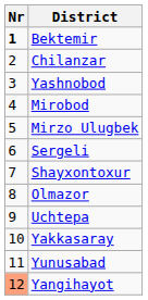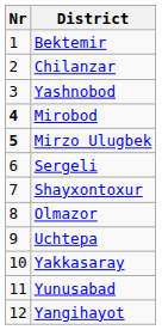 <table class="wikitable sortable">
 <tr>
 <th>Nr</th>
 <th>District</th>
 </tr>
 <tr>
-<td><strong>1</strong></td>
+<td>1</td>
 <td><a href='#'>Bektemir</a></td>
 </tr>
 <tr>
 <td>2</td>
 <td><a href='#'>Chilanzar</a></td>
 </tr>
 <tr>
 <td>3</td>
 <td><a href='#'>Yashnobod</a></td>
 </tr>
 <tr>
-<td>4</td>
+<td><strong>4</strong></td>
 <td><a href='#'>Mirobod</a></td>
 </tr>
 <tr>
-<td>5</td>
+<td><strong>5</strong></td>
 <td><a href='#'>Mirzo Ulugbek</a></td>
 </tr>
 <tr>
 <td>6</td>
 <td><a href='#'>Sergeli</a></td>
 </tr>
 <tr>
 <td>7</td>
 <td><a href='#'>Shayxontoxur</a></td>
 </tr>
 <tr>
 <td>8</td>
 <td><a href='#'>Olmazor</a></td>
 </tr>
 <tr>
 <td>9</td>
 <td><a href='#'>Uchtepa</a></td>
 </tr>
 <tr>
 <td>10</td>
 <td><a href='#'>Yakkasaray</a></td>
 </tr>
 <tr>
 <td>11</td>
 <td><a href='#'>Yunusabad</a></td>
 </tr>
 <tr>
-<td style="background: lightsalmon;">12</td>
+<td>12</td>
 <td><a href='#'>Yangihayot</a></td>
 </tr>
 </table>
